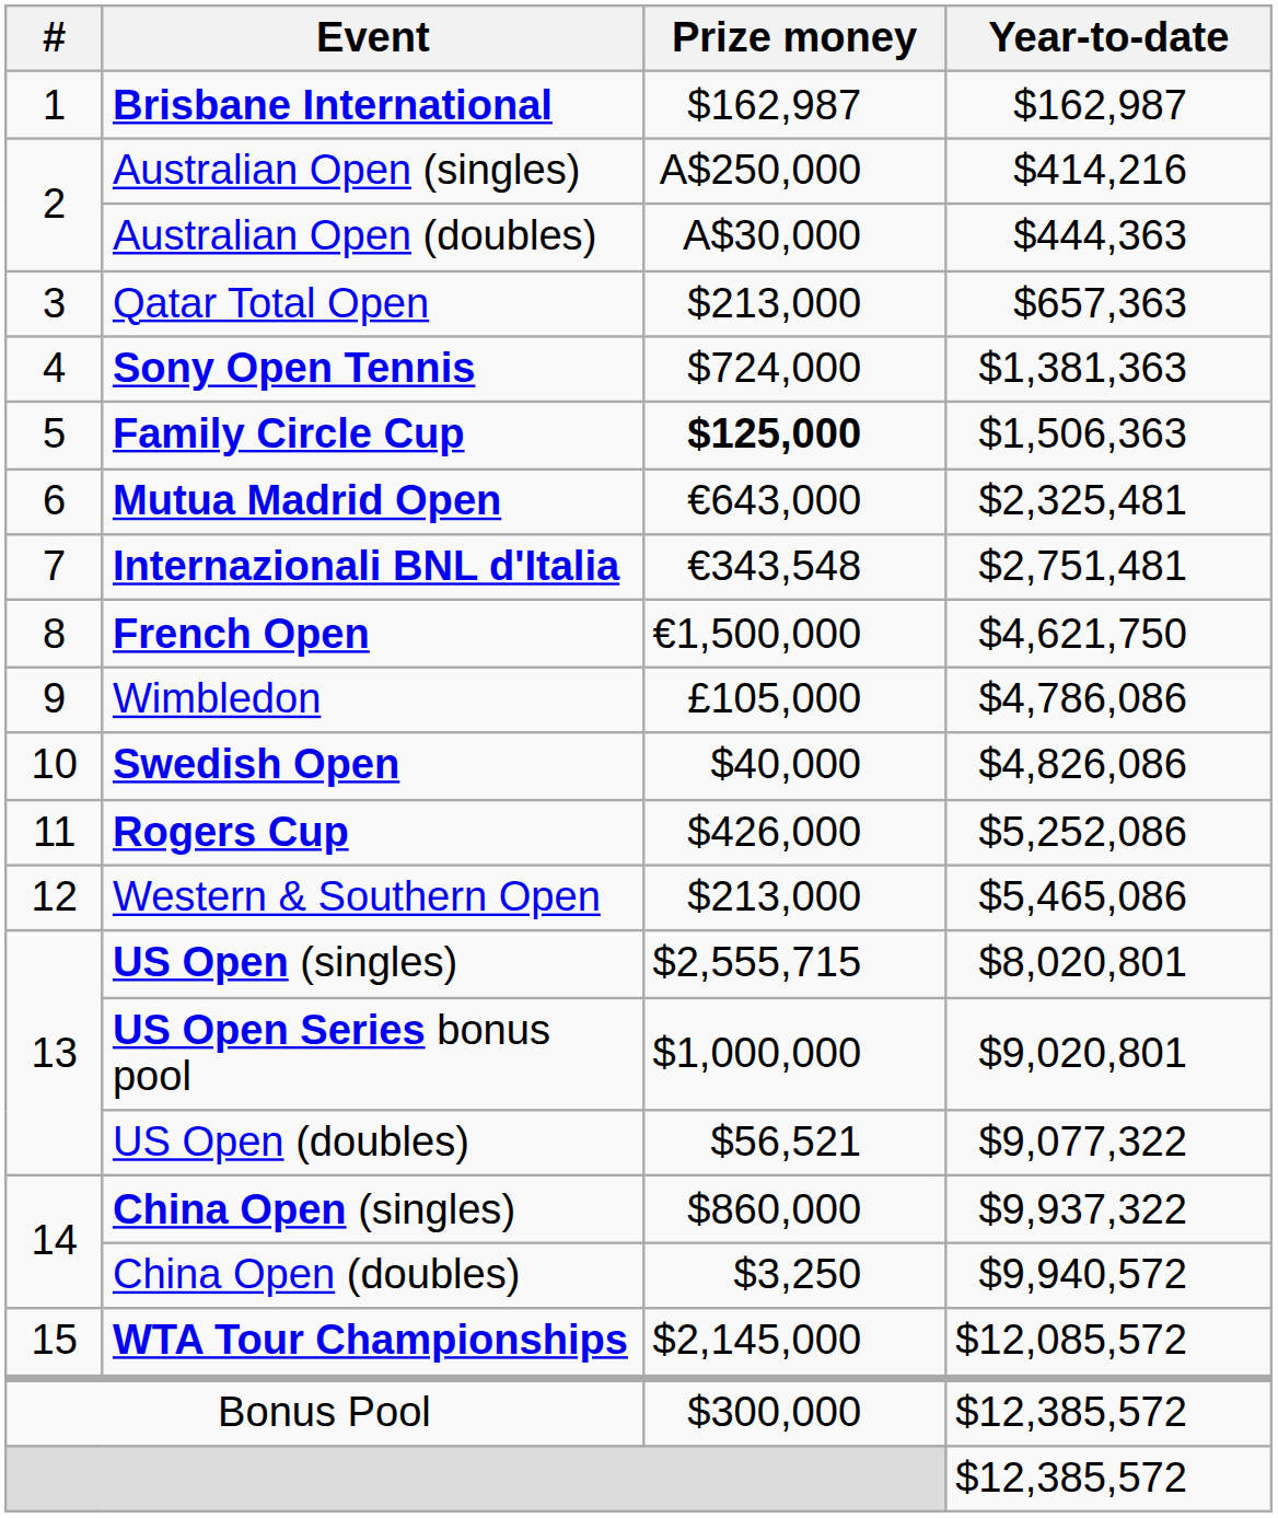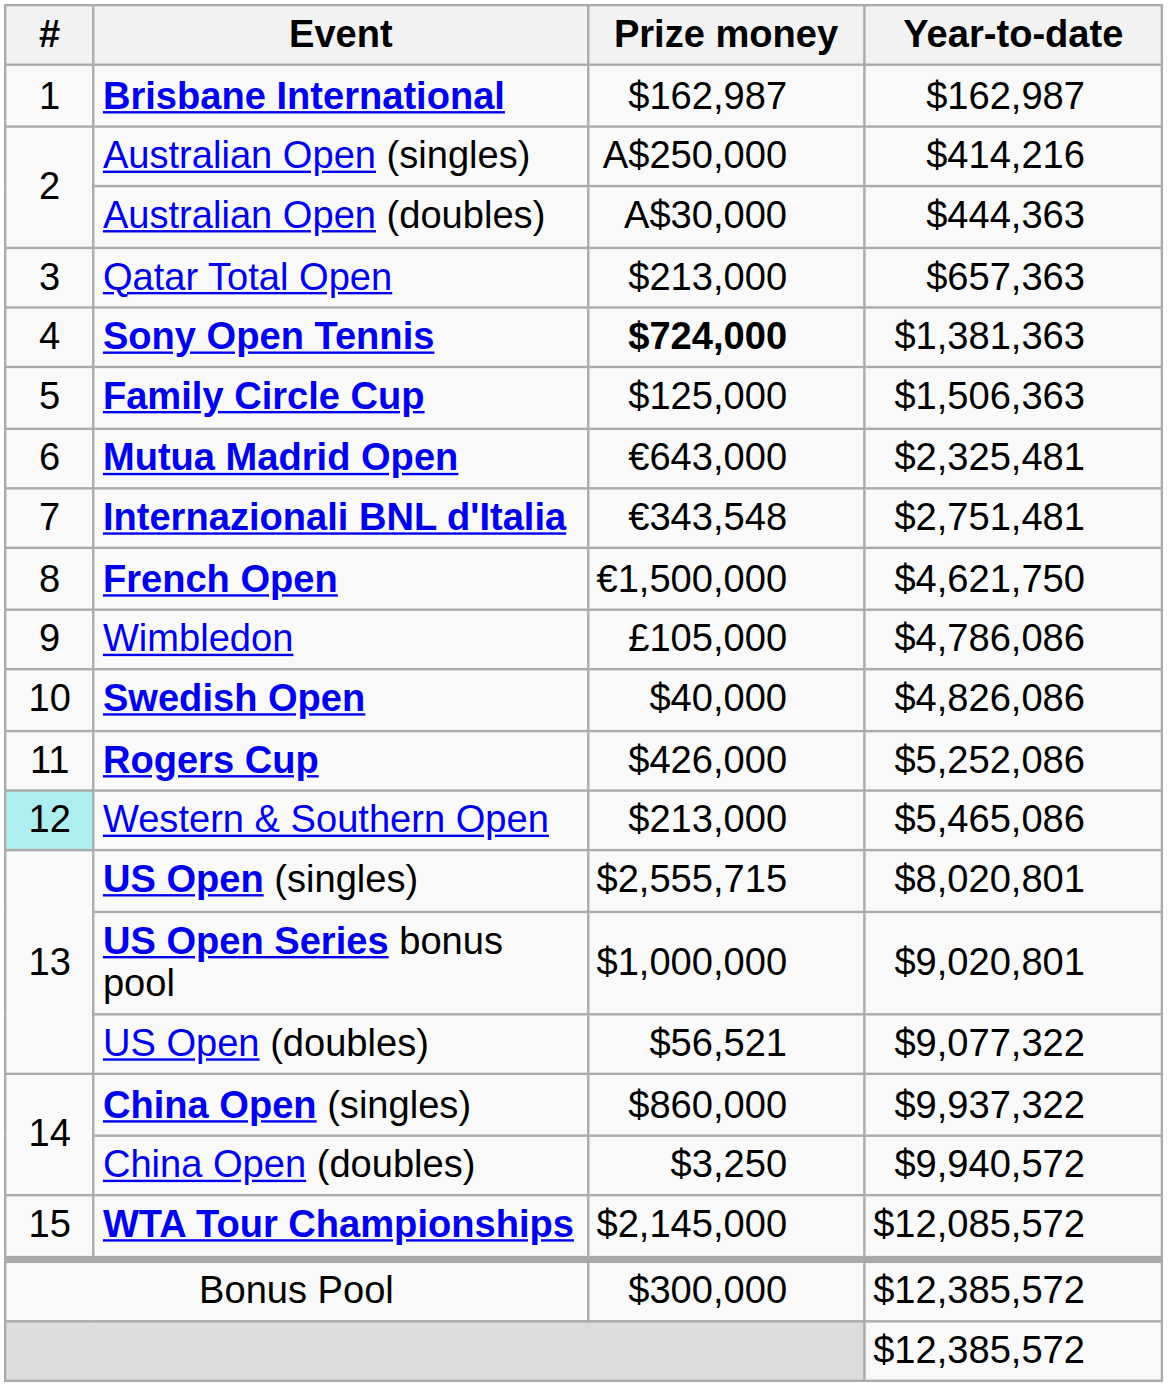 <table class="wikitable sortable">
 <tr>
 <th width=30>#</th>
 <th width=200>Event</th>
 <th>Prize money</th>
 <th>Year-to-date</th>
 </tr>
 <tr>
 <td align=center>1</td>
 <td><strong><a href='#'>Brisbane International</a></strong></td>
 <td align=right style="padding-right: 2em">$162,987</td>
 <td align=right style="padding-right: 2em">$162,987</td>
 </tr>
 <tr>
 <td align=center rowspan=2>2</td>
 <td><a href='#'>Australian Open</a> (singles)</td>
 <td align=right style="padding-right: 2em">A$250,000</td>
 <td align=right style="padding-right: 2em">$414,216</td>
 </tr>
 <tr>
 <td><a href='#'>Australian Open</a> (doubles)</td>
 <td align=right style="padding-right: 2em">A$30,000</td>
 <td align=right style="padding-right: 2em">$444,363</td>
 </tr>
 <tr>
 <td align=center>3</td>
 <td><a href='#'>Qatar Total Open</a></td>
 <td align=right style="padding-right: 2em">$213,000</td>
 <td align=right style="padding-right: 2em">$657,363</td>
 </tr>
 <tr>
 <td align=center>4</td>
 <td><strong><a href='#'>Sony Open Tennis</a></strong></td>
-<td align=right style="padding-right: 2em">$724,000</td>
+<td align=right style="padding-right: 2em"><strong>$724,000</strong></td>
 <td align=right style="padding-right: 2em">$1,381,363</td>
 </tr>
 <tr>
 <td align=center>5</td>
 <td><strong><a href='#'>Family Circle Cup</a></strong></td>
-<td align=right style="padding-right: 2em"><strong>$125,000</strong></td>
+<td align=right style="padding-right: 2em">$125,000</td>
 <td align=right style="padding-right: 2em">$1,506,363</td>
 </tr>
 <tr>
 <td align=center>6</td>
 <td><strong><a href='#'>Mutua Madrid Open</a></strong></td>
 <td align=right style="padding-right: 2em">€643,000</td>
 <td align=right style="padding-right: 2em">$2,325,481</td>
 </tr>
 <tr>
 <td align=center>7</td>
 <td><strong><a href='#'>Internazionali BNL d'Italia</a></strong></td>
 <td align=right style="padding-right: 2em">€343,548</td>
 <td align=right style="padding-right: 2em">$2,751,481</td>
 </tr>
 <tr>
 <td align=center>8</td>
 <td><strong><a href='#'>French Open</a></strong></td>
 <td align=right style="padding-right: 2em">€1,500,000</td>
 <td align=right style="padding-right: 2em">$4,621,750</td>
 </tr>
 <tr>
 <td align=center>9</td>
 <td><a href='#'>Wimbledon</a></td>
 <td align=right style="padding-right: 2em">£105,000</td>
 <td align=right style="padding-right: 2em">$4,786,086</td>
 </tr>
 <tr>
 <td align=center>10</td>
 <td><strong><a href='#'>Swedish Open</a></strong></td>
 <td align=right style="padding-right: 2em">$40,000</td>
 <td align=right style="padding-right: 2em">$4,826,086</td>
 </tr>
 <tr>
 <td align=center>11</td>
 <td><strong><a href='#'>Rogers Cup</a></strong></td>
 <td align=right style="padding-right: 2em">$426,000</td>
 <td align=right style="padding-right: 2em">$5,252,086</td>
 </tr>
 <tr>
-<td align=center>12</td>
+<td align=center style="background: paleturquoise;">12</td>
 <td><a href='#'>Western & Southern Open</a></td>
 <td align=right style="padding-right: 2em">$213,000</td>
 <td align=right style="padding-right: 2em">$5,465,086</td>
 </tr>
 <tr>
 <td align=center rowspan=3>13</td>
 <td><strong><a href='#'>US Open</a></strong> (singles)</td>
 <td align=right style="padding-right: 2em">$2,555,715</td>
 <td align=right style="padding-right: 2em">$8,020,801</td>
 </tr>
 <tr>
 <td><strong><a href='#'>US Open Series</a></strong> bonus pool</td>
 <td align=right style="padding-right: 2em">$1,000,000</td>
 <td align=right style="padding-right: 2em">$9,020,801</td>
 </tr>
 <tr>
 <td><a href='#'>US Open</a> (doubles)</td>
 <td align=right style="padding-right: 2em">$56,521</td>
 <td align=right style="padding-right: 2em">$9,077,322</td>
 </tr>
 <tr>
 <td align=center rowspan=2>14</td>
 <td><strong><a href='#'>China Open</a></strong> (singles)</td>
 <td align=right style="padding-right: 2em">$860,000</td>
 <td align=right style="padding-right: 2em">$9,937,322</td>
 </tr>
 <tr>
 <td><a href='#'>China Open</a> (doubles)</td>
 <td align=right style="padding-right: 2em">$3,250</td>
 <td align=right style="padding-right: 2em">$9,940,572</td>
 </tr>
 <tr>
 <td align=center>15</td>
 <td><strong><a href='#'>WTA Tour Championships</a></strong></td>
 <td align=right style="padding-right: 2em">$2,145,000</td>
 <td align=right style="padding-right: 2em">$12,085,572</td>
 </tr>
 <tr style="text-align:center;border-top:3px solid darkgrey">
 <td colspan=2>Bonus Pool</td>
 <td align=right style="padding-right: 2em">$300,000</td>
 <td align=right style="padding-right: 2em">$12,385,572</td>
 </tr>
 <tr class="sortbottom">
 <td colspan=3 bgcolor=#DCDCDC></td>
 <td align=right style="padding-right: 2em">$12,385,572</td>
 </tr>
 </table>
